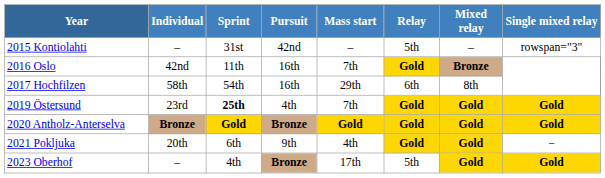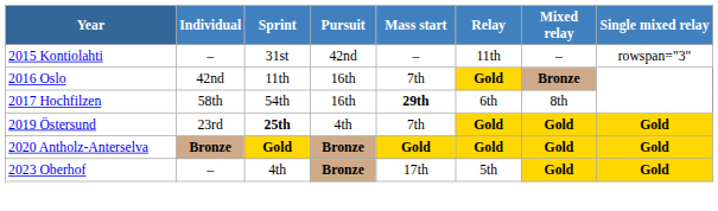 <table class="wikitable" style="font-size:95%; text-align:center; border:grey solid 1px; border-collapse:collapse; background:#ffffff;">
 <tr>
 <th style="background-color:#369; color:white;    width:180px;">Year</th>
 <th style="background-color:#4180be; color:white; width:65px;">Individual</th>
 <th style="background-color:#4180be; color:white; width:65px;">Sprint</th>
 <th style="background-color:#4180be; color:white; width:65px;">Pursuit</th>
 <th style="background-color:#4180be; color:white; width:80px;">Mass start</th>
 <th style="background-color:#4180be; color:white; width:65px;">Relay</th>
 <th style="background-color:#4180be; color:white; width:75px;">Mixed relay</th>
 <th style="background-color:#4180be; color:white; width:120px;">Single mixed relay</th>
 </tr>
 <tr>
 <td align=left> <a href='#'>2015 Kontiolahti</a></td>
 <td>–</td>
 <td>31st</td>
 <td>42nd</td>
 <td>–</td>
-<td>5th</td>
+<td>11th</td>
 <td>–</td>
 <td>rowspan="3" </td>
 </tr>
 <tr>
 <td align=left> <a href='#'>2016 Oslo</a></td>
 <td>42nd</td>
 <td>11th</td>
 <td>16th</td>
 <td>7th</td>
 <td style="background:gold;"><strong>Gold</strong></td>
 <td style="background:#cfaa88;"><strong>Bronze</strong></td>
 </tr>
 <tr>
 <td align=left> <a href='#'>2017 Hochfilzen</a></td>
 <td>58th</td>
 <td>54th</td>
 <td>16th</td>
-<td>29th</td>
+<td><strong>29th</strong></td>
 <td>6th</td>
 <td>8th</td>
 </tr>
 <tr>
 <td align=left> <a href='#'>2019 Östersund</a></td>
 <td>23rd</td>
 <td><strong>25th</strong></td>
 <td>4th</td>
 <td>7th</td>
 <td style="background:gold;"><strong>Gold</strong></td>
 <td style="background:gold;"><strong>Gold</strong></td>
 <td style="background:gold;"><strong>Gold</strong></td>
 </tr>
 <tr>
 <td align=left> <a href='#'>2020 Antholz-Anterselva</a></td>
 <td style="background:#cfaa88;"><strong>Bronze</strong></td>
 <td style="background:gold;"><strong>Gold</strong></td>
 <td style="background:#cfaa88;"><strong>Bronze</strong></td>
 <td style="background:gold;"><strong>Gold</strong></td>
 <td style="background:gold;"><strong>Gold</strong></td>
 <td style="background:gold;"><strong>Gold</strong></td>
 <td style="background:gold;"><strong>Gold</strong></td>
 </tr>
 <tr>
-<td align=left> <a href='#'>2021 Pokljuka</a></td>
-<td>20th</td>
-<td>6th</td>
-<td>9th</td>
-<td>4th</td>
-<td style="background:gold;"><strong>Gold</strong></td>
-<td style="background:gold;"><strong>Gold</strong></td>
-<td>−</td>
-</tr>
-<tr>
 <td align=left> <a href='#'>2023 Oberhof</a></td>
 <td>–</td>
 <td>4th</td>
 <td style="background:#cfaa88;"><strong>Bronze</strong></td>
 <td>17th</td>
 <td>5th</td>
 <td style="background:gold;"><strong>Gold</strong></td>
 <td style="background:gold;"><strong>Gold</strong></td>
 </tr>
 </table>
